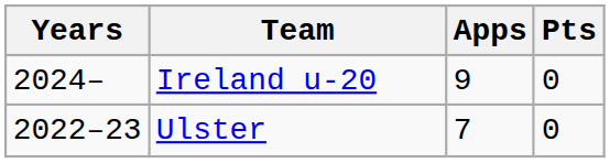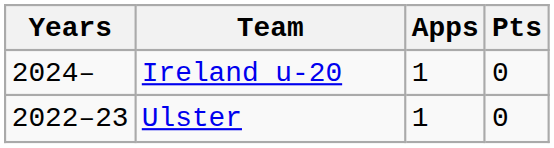 <table class="wikitable" style="text-align:left;">
 <tr>
 <th>Years</th>
 <th width=120px>Team</th>
 <th>Apps</th>
 <th>Pts</th>
 </tr>
 <tr>
 <td>2024–</td>
 <td><a href='#'>Ireland u-20</a></td>
-<td>9</td>
+<td>1</td>
 <td>0</td>
 </tr>
 <tr>
 <td>2022–23</td>
 <td><a href='#'>Ulster</a></td>
-<td>7</td>
+<td>1</td>
 <td>0</td>
 </tr>
 </table>
